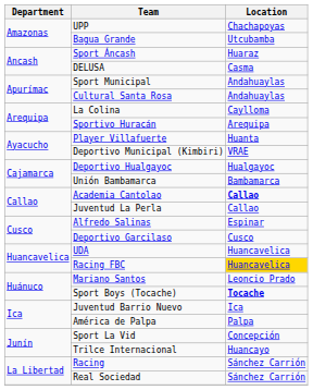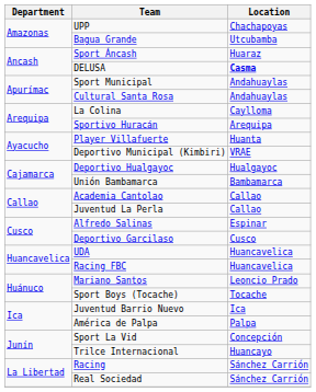 <table class="wikitable">
 <tr>
 <th>Department</th>
 <th>Team</th>
 <th>Location</th>
 </tr>
 <tr>
 <td rowspan="2"><a href='#'>Amazonas</a></td>
 <td>UPP</td>
 <td><a href='#'>Chachapoyas</a></td>
 </tr>
 <tr>
 <td><a href='#'>Bagua Grande</a></td>
 <td><a href='#'>Utcubamba</a></td>
 </tr>
 <tr>
 <td rowspan="2"><a href='#'>Ancash</a></td>
 <td><a href='#'>Sport Áncash</a></td>
 <td><a href='#'>Huaraz</a></td>
 </tr>
 <tr>
 <td>DELUSA</td>
-<td><a href='#'>Casma</a></td>
+<td><strong><a href='#'>Casma</a></strong></td>
 </tr>
 <tr>
 <td rowspan="2"><a href='#'>Apurímac</a></td>
 <td>Sport Municipal</td>
 <td><a href='#'>Andahuaylas</a></td>
 </tr>
 <tr>
 <td><a href='#'>Cultural Santa Rosa</a></td>
 <td><a href='#'>Andahuaylas</a></td>
 </tr>
 <tr>
 <td rowspan="2"><a href='#'>Arequipa</a></td>
 <td>La Colina</td>
 <td><a href='#'>Caylloma</a></td>
 </tr>
 <tr>
 <td><a href='#'>Sportivo Huracán</a></td>
 <td><a href='#'>Arequipa</a></td>
 </tr>
 <tr>
 <td rowspan="2"><a href='#'>Ayacucho</a></td>
 <td><a href='#'>Player Villafuerte</a></td>
 <td><a href='#'>Huanta</a></td>
 </tr>
 <tr>
 <td>Deportivo Municipal (Kimbiri)</td>
 <td><a href='#'>VRAE</a></td>
 </tr>
 <tr>
 <td rowspan="2"><a href='#'>Cajamarca</a></td>
 <td><a href='#'>Deportivo Hualgayoc</a></td>
 <td><a href='#'>Hualgayoc</a></td>
 </tr>
 <tr>
 <td>Unión Bambamarca</td>
 <td><a href='#'>Bambamarca</a></td>
 </tr>
 <tr>
 <td rowspan="2"><a href='#'>Callao</a></td>
 <td><a href='#'>Academia Cantolao</a></td>
-<td><strong><a href='#'>Callao</a></strong></td>
+<td><a href='#'>Callao</a></td>
 </tr>
 <tr>
 <td>Juventud La Perla</td>
 <td><a href='#'>Callao</a></td>
 </tr>
 <tr>
 <td rowspan="2"><a href='#'>Cusco</a></td>
 <td><a href='#'>Alfredo Salinas</a></td>
 <td><a href='#'>Espinar</a></td>
 </tr>
 <tr>
 <td><a href='#'>Deportivo Garcilaso</a></td>
 <td><a href='#'>Cusco</a></td>
 </tr>
 <tr>
 <td rowspan="2"><a href='#'>Huancavelica</a></td>
 <td><a href='#'>UDA</a></td>
 <td><a href='#'>Huancavelica</a></td>
 </tr>
 <tr>
 <td><a href='#'>Racing FBC</a></td>
-<td style="background: gold;"><a href='#'>Huancavelica</a></td>
+<td><a href='#'>Huancavelica</a></td>
 </tr>
 <tr>
 <td rowspan="2"><a href='#'>Huánuco</a></td>
 <td><a href='#'>Mariano Santos</a></td>
 <td><a href='#'>Leoncio Prado</a></td>
 </tr>
 <tr>
 <td>Sport Boys (Tocache)</td>
-<td><strong><a href='#'>Tocache</a></strong></td>
+<td><a href='#'>Tocache</a></td>
 </tr>
 <tr>
 <td rowspan="2"><a href='#'>Ica</a></td>
 <td>Juventud Barrio Nuevo</td>
 <td><a href='#'>Ica</a></td>
 </tr>
 <tr>
 <td>América de Palpa</td>
 <td><a href='#'>Palpa</a></td>
 </tr>
 <tr>
 <td rowspan="2"><a href='#'>Junín</a></td>
 <td>Sport La Vid</td>
 <td><a href='#'>Concepción</a></td>
 </tr>
 <tr>
 <td>Trilce Internacional</td>
 <td><a href='#'>Huancayo</a></td>
 </tr>
 <tr>
 <td rowspan="2"><a href='#'>La Libertad</a></td>
 <td><a href='#'>Racing</a></td>
 <td><a href='#'>Sánchez Carrión</a></td>
 </tr>
 <tr>
 <td>Real Sociedad</td>
 <td><a href='#'>Sánchez Carrión</a></td>
 </tr>
 <tr>
 </tr>
 </table>
